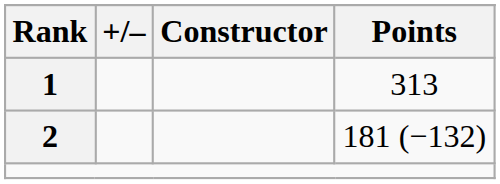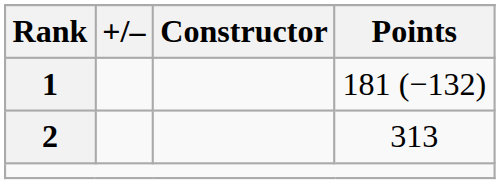 <table class="wikitable" style="font-size: 95%;">
 <tr>
 </tr>
 <tr>
 <th scope="col">Rank</th>
 <th scope="col">+/–</th>
 <th scope="col">Constructor</th>
 <th scope="col">Points</th>
 </tr>
 <tr>
 <th scope="row">1</th>
 <td align="left"></td>
 <td></td>
-<td align="center">313</td>
+<td align="center">181 (−132)</td>
 </tr>
 <tr>
 <th scope="row">2</th>
 <td align="left"></td>
 <td></td>
-<td align="center">181 (−132)</td>
+<td align="center">313</td>
 </tr>
 <tr class="sortbottom">
 <td colspan="9"></td>
 </tr>
 </table>
